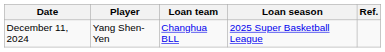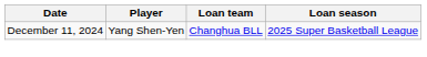 <table class="wikitable">
 <tr>
 <th>Date</th>
 <th>Player</th>
 <th>Loan team</th>
 <th>Loan season</th>
-<th>Ref.</th>
 </tr>
 <tr>
 <td>December 11, 2024</td>
 <td>Yang Shen-Yen</td>
 <td><a href='#'>Changhua BLL</a></td>
 <td><a href='#'>2025 Super Basketball League</a></td>
-<td></td>
 </tr>
 </table>
